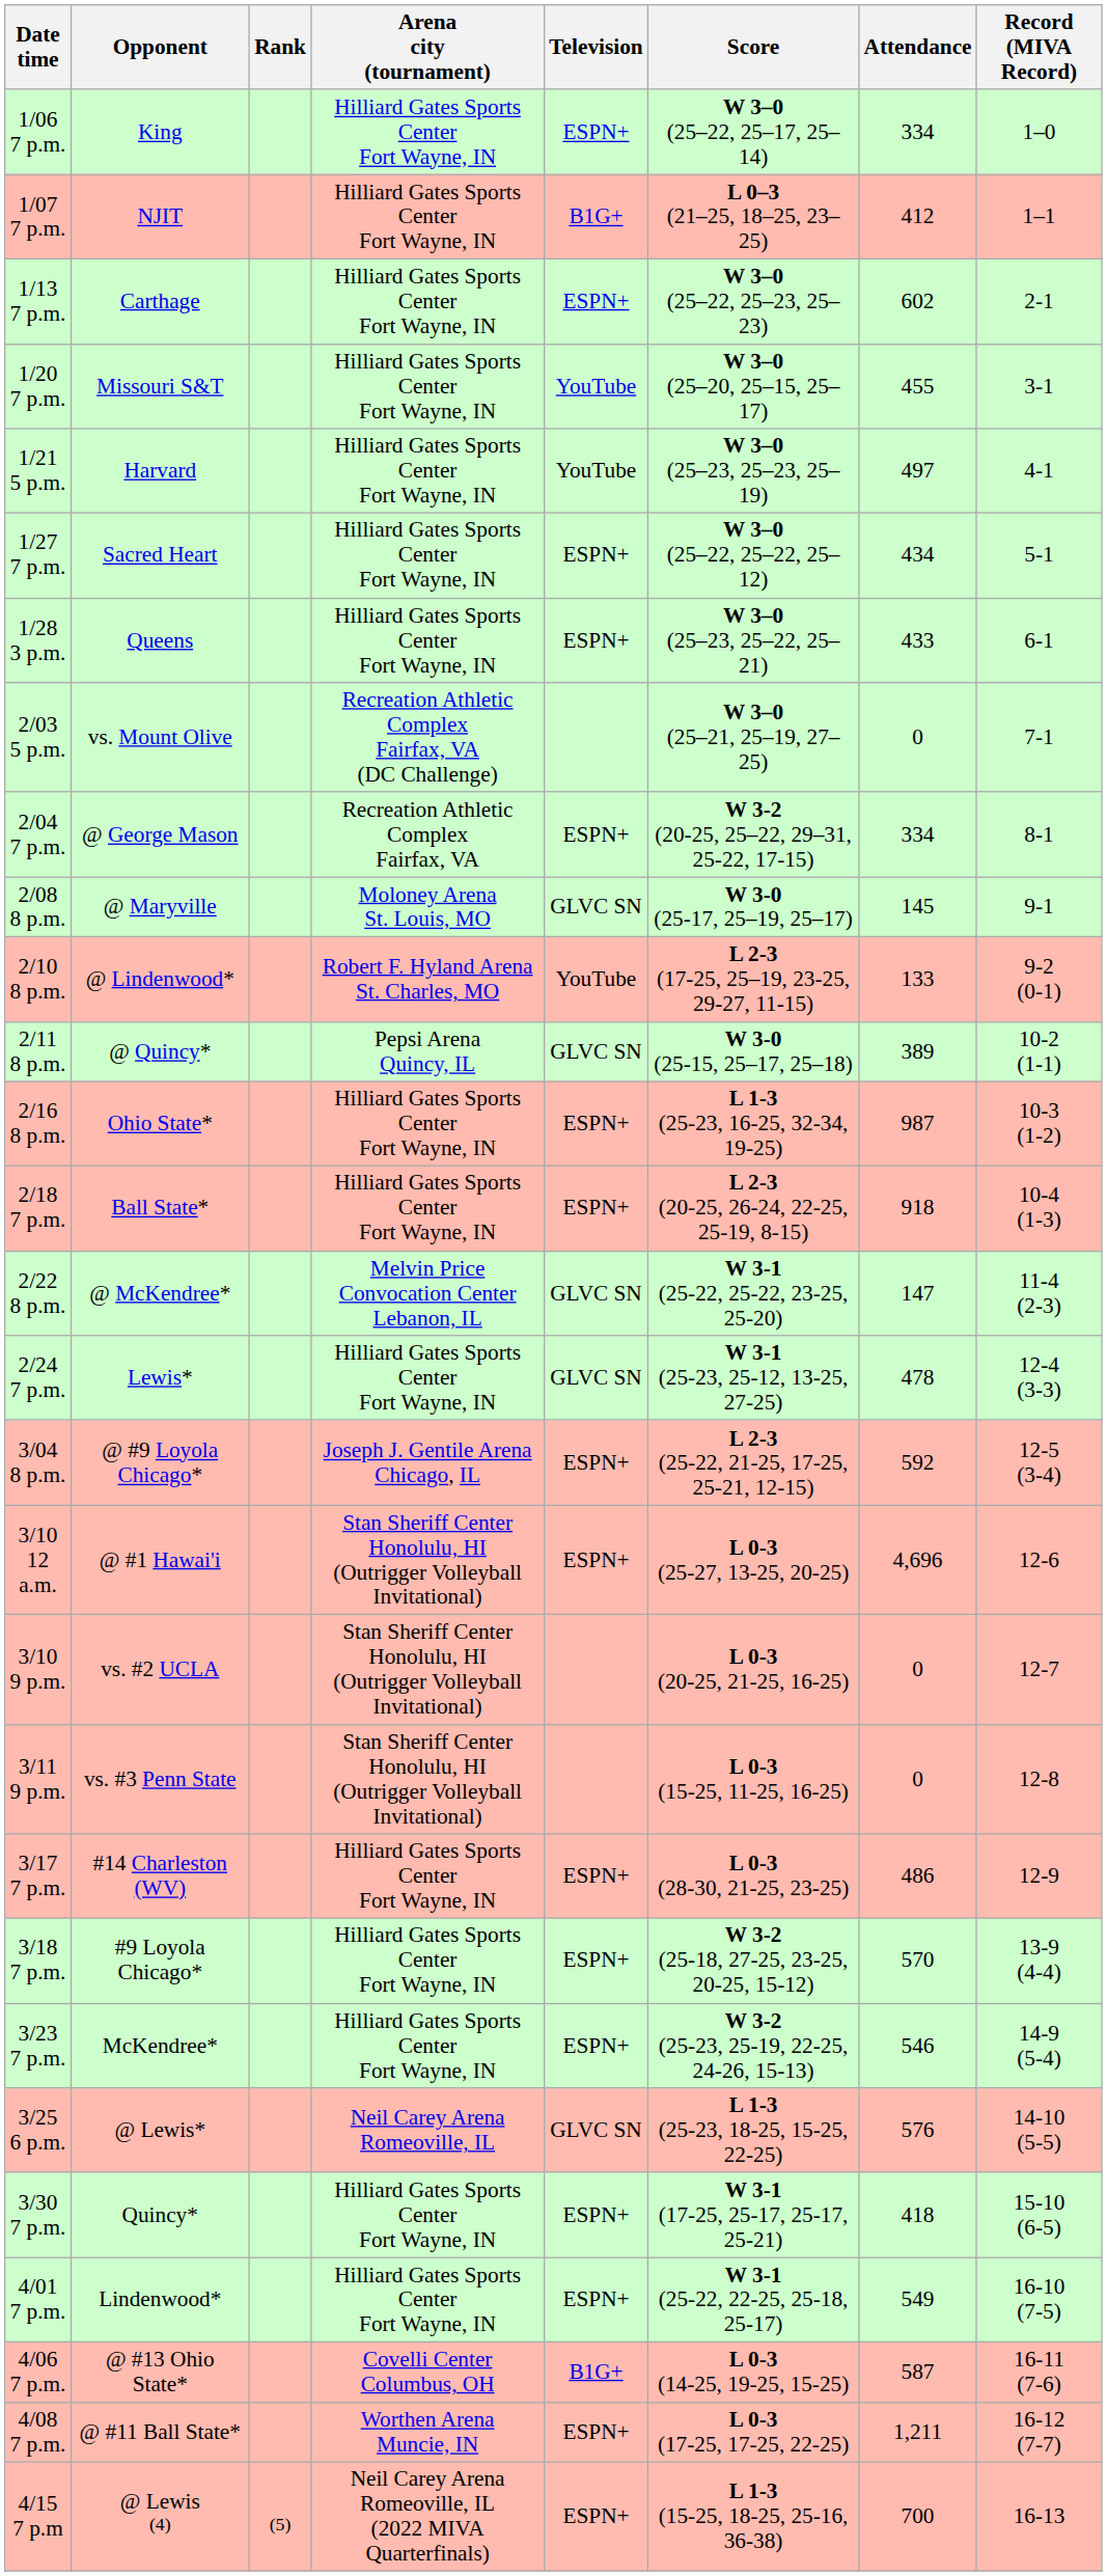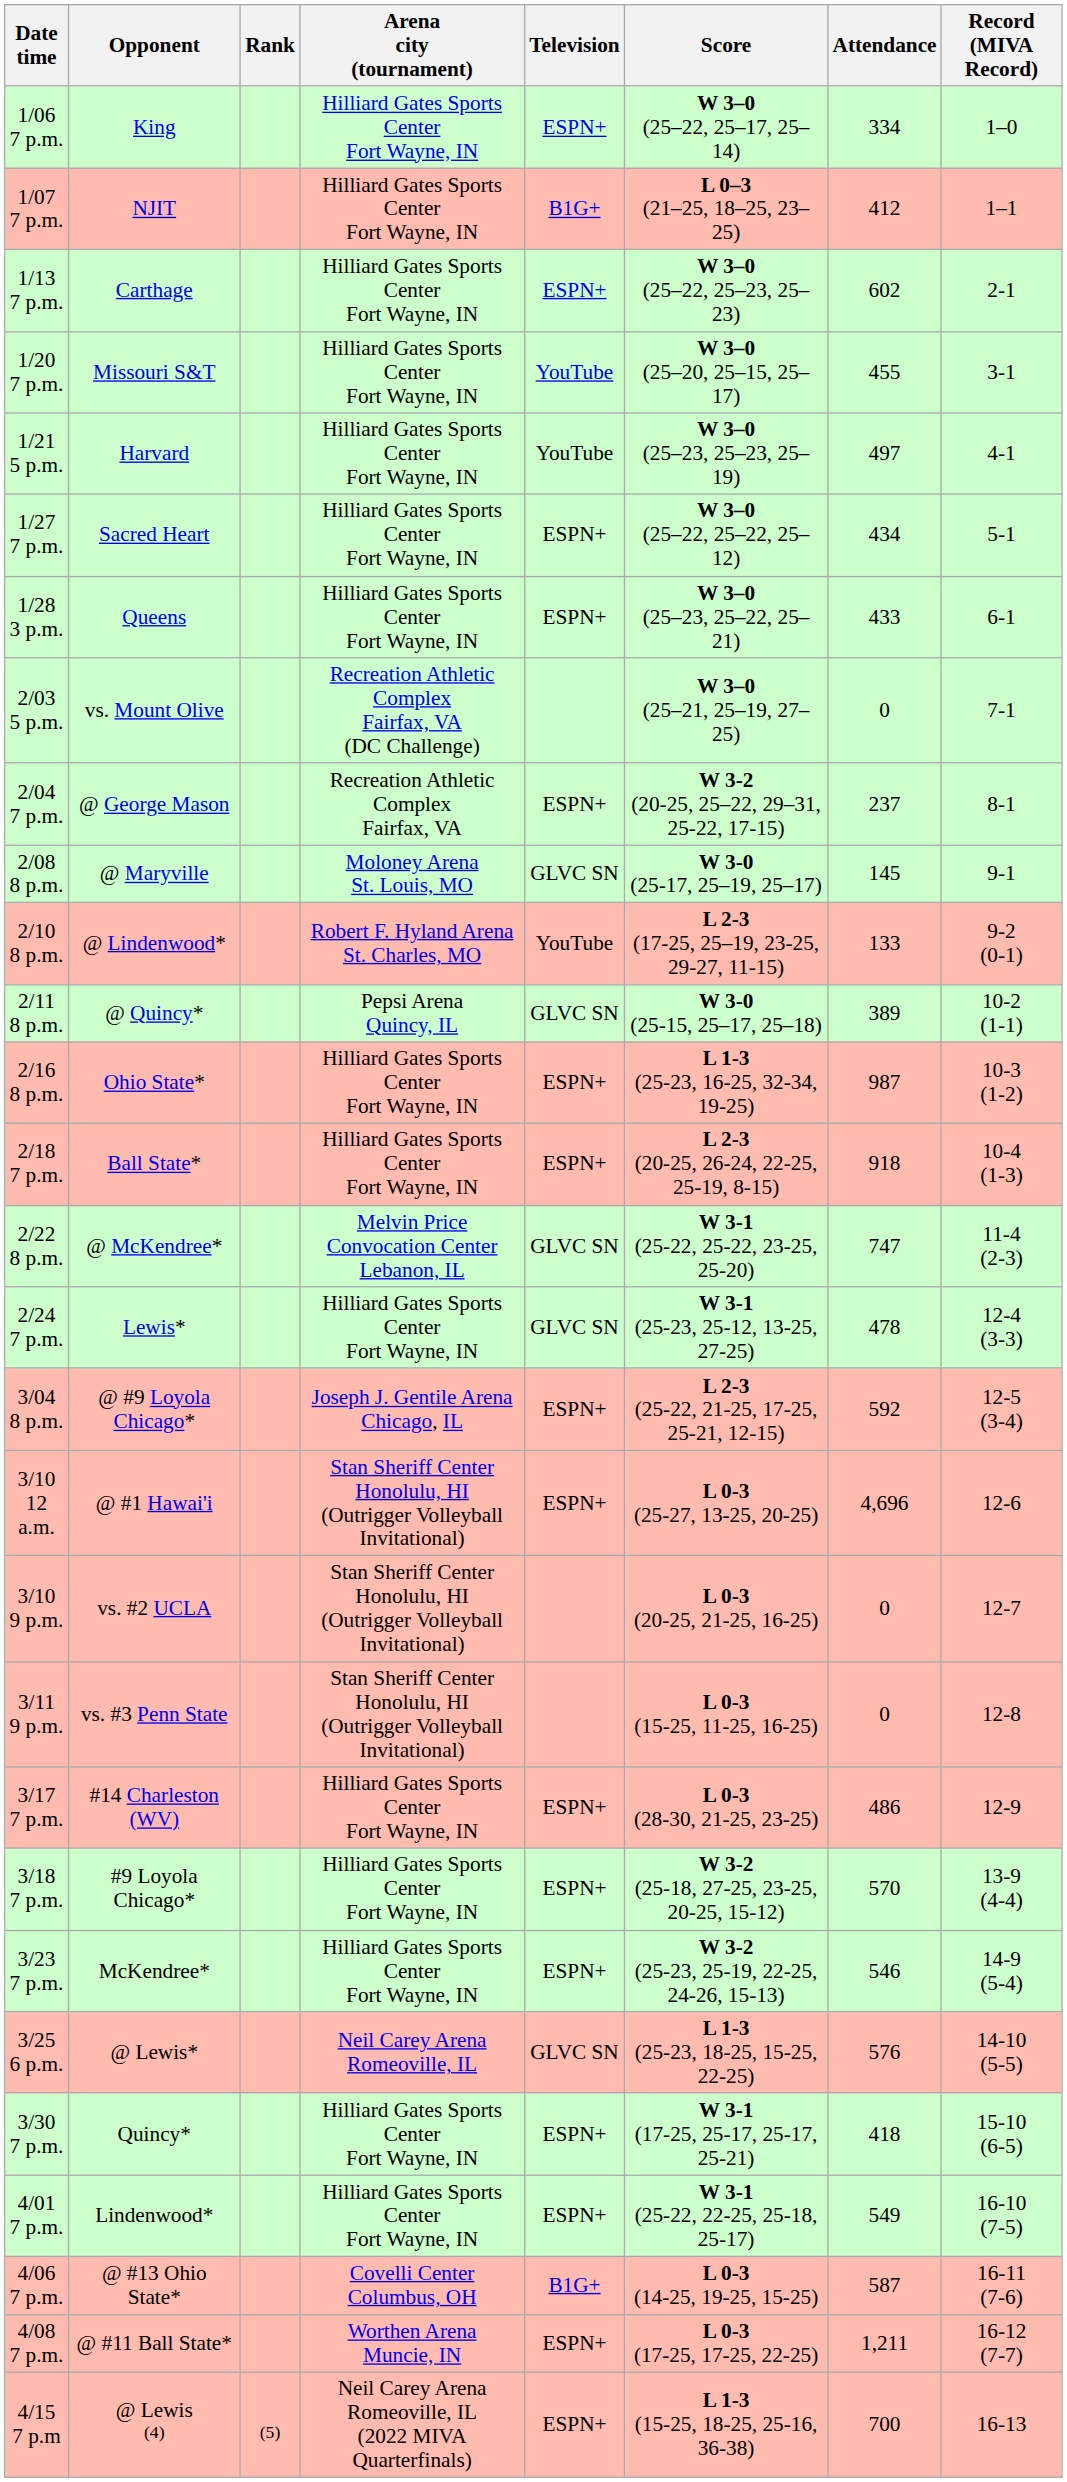 <table class="wikitable sortable" style="width:90%">
 <tr>
 <th>Date<br>time</th>
 <th>Opponent</th>
 <th>Rank</th>
 <th>Arena<br>city<br>(tournament)</th>
 <th>Television</th>
 <th>Score</th>
 <th>Attendance</th>
 <th>Record<br>(MIVA Record)</th>
 </tr>
 <tr align="center" bgcolor="#ccffcc">
 <td>1/06<br>7 p.m.</td>
 <td><a href='#'>King</a></td>
 <td></td>
 <td><a href='#'>Hilliard Gates Sports Center</a><br><a href='#'>Fort Wayne, IN</a></td>
 <td><a href='#'>ESPN+</a></td>
 <td><strong>W 3–0</strong><br>(25–22, 25–17, 25–14)</td>
 <td>334</td>
 <td>1–0</td>
 </tr>
 <tr align="center" bgcolor="#ffbbb">
 <td>1/07<br>7 p.m.</td>
 <td><a href='#'>NJIT</a></td>
 <td></td>
 <td>Hilliard Gates Sports Center<br>Fort Wayne, IN</td>
 <td><a href='#'>B1G+</a></td>
 <td><strong>L 0–3</strong><br>(21–25, 18–25, 23–25)</td>
 <td>412</td>
 <td>1–1</td>
 </tr>
 <tr align="center" bgcolor="#ccffcc">
 <td>1/13<br>7 p.m.</td>
 <td><a href='#'>Carthage</a></td>
 <td></td>
 <td>Hilliard Gates Sports Center<br>Fort Wayne, IN</td>
 <td><a href='#'>ESPN+</a></td>
 <td><strong>W 3–0</strong><br>(25–22, 25–23, 25–23)</td>
 <td>602</td>
 <td>2-1</td>
 </tr>
 <tr align="center" bgcolor="#ccffcc">
 <td>1/20<br>7 p.m.</td>
 <td><a href='#'>Missouri S&T</a></td>
 <td></td>
 <td>Hilliard Gates Sports Center<br>Fort Wayne, IN</td>
 <td><a href='#'>YouTube</a></td>
 <td><strong>W 3–0</strong><br>(25–20, 25–15, 25–17)</td>
 <td>455</td>
 <td>3-1</td>
 </tr>
 <tr align="center" bgcolor="#ccffcc">
 <td>1/21<br>5 p.m.</td>
 <td><a href='#'>Harvard</a></td>
 <td></td>
 <td>Hilliard Gates Sports Center<br>Fort Wayne, IN</td>
 <td>YouTube</td>
 <td><strong>W 3–0</strong><br>(25–23, 25–23, 25–19)</td>
 <td>497</td>
 <td>4-1</td>
 </tr>
 <tr align="center" bgcolor="#ccffcc">
 <td>1/27<br>7 p.m.</td>
 <td><a href='#'>Sacred Heart</a></td>
 <td></td>
 <td>Hilliard Gates Sports Center<br>Fort Wayne, IN</td>
 <td>ESPN+</td>
 <td><strong>W 3–0</strong><br>(25–22, 25–22, 25–12)</td>
 <td>434</td>
 <td>5-1</td>
 </tr>
 <tr align="center" bgcolor="#ccffcc">
 <td>1/28<br>3 p.m.</td>
 <td><a href='#'>Queens</a></td>
 <td></td>
 <td>Hilliard Gates Sports Center<br>Fort Wayne, IN</td>
 <td>ESPN+</td>
 <td><strong>W 3–0</strong><br>(25–23, 25–22, 25–21)</td>
 <td>433</td>
 <td>6-1</td>
 </tr>
 <tr align="center" bgcolor="#ccffcc">
 <td>2/03<br>5 p.m.</td>
 <td>vs. <a href='#'>Mount Olive</a></td>
 <td></td>
 <td><a href='#'>Recreation Athletic Complex</a><br><a href='#'>Fairfax, VA</a><br>(DC Challenge)</td>
 <td></td>
 <td><strong>W 3–0</strong><br>(25–21, 25–19, 27–25)</td>
 <td>0</td>
 <td>7-1</td>
 </tr>
 <tr align="center" bgcolor="#ccffcc">
 <td>2/04<br>7 p.m.</td>
 <td>@ <a href='#'>George Mason</a></td>
 <td></td>
 <td>Recreation Athletic Complex<br>Fairfax, VA</td>
 <td>ESPN+</td>
 <td><strong>W 3-2</strong><br>(20-25, 25–22, 29–31, 25-22, 17-15)</td>
-<td>334</td>
+<td>237</td>
 <td>8-1</td>
 </tr>
 <tr align="center" bgcolor="#ccffcc">
 <td>2/08<br>8 p.m.</td>
 <td>@ <a href='#'>Maryville</a></td>
 <td></td>
 <td><a href='#'>Moloney Arena</a><br><a href='#'>St. Louis, MO</a></td>
 <td>GLVC SN</td>
 <td><strong>W 3-0</strong><br>(25-17, 25–19, 25–17)</td>
 <td>145</td>
 <td>9-1</td>
 </tr>
 <tr align="center" bgcolor="#ffbbb">
 <td>2/10<br>8 p.m.</td>
 <td>@ <a href='#'>Lindenwood</a>*</td>
 <td></td>
 <td><a href='#'>Robert F. Hyland Arena</a><br><a href='#'>St. Charles, MO</a></td>
 <td>YouTube</td>
 <td><strong>L 2-3</strong><br>(17-25, 25–19, 23-25, 29-27, 11-15)</td>
 <td>133</td>
 <td>9-2<br>(0-1)</td>
 </tr>
 <tr align="center" bgcolor="#ccffcc">
 <td>2/11<br>8 p.m.</td>
 <td>@ <a href='#'>Quincy</a>*</td>
 <td></td>
 <td>Pepsi Arena<br><a href='#'>Quincy, IL</a></td>
 <td>GLVC SN</td>
 <td><strong>W 3-0</strong><br>(25-15, 25–17, 25–18)</td>
 <td>389</td>
 <td>10-2<br>(1-1)</td>
 </tr>
 <tr align="center" bgcolor="#ffbbb">
 <td>2/16<br>8 p.m.</td>
 <td><a href='#'>Ohio State</a>*</td>
 <td></td>
 <td>Hilliard Gates Sports Center<br>Fort Wayne, IN</td>
 <td>ESPN+</td>
 <td><strong>L 1-3</strong><br>(25-23, 16-25, 32-34, 19-25)</td>
 <td>987</td>
 <td>10-3<br>(1-2)</td>
 </tr>
 <tr align="center" bgcolor="#ffbbb">
 <td>2/18<br>7 p.m.</td>
 <td><a href='#'>Ball State</a>*</td>
 <td></td>
 <td>Hilliard Gates Sports Center<br>Fort Wayne, IN</td>
 <td>ESPN+</td>
 <td><strong>L 2-3</strong><br>(20-25, 26-24, 22-25, 25-19, 8-15)</td>
 <td>918</td>
 <td>10-4<br>(1-3)</td>
 </tr>
 <tr align="center" bgcolor="#ccffcc">
 <td>2/22<br>8 p.m.</td>
 <td>@ <a href='#'>McKendree</a>*</td>
 <td></td>
 <td><a href='#'>Melvin Price Convocation Center</a><br><a href='#'>Lebanon, IL</a></td>
 <td>GLVC SN</td>
 <td><strong>W 3-1</strong><br>(25-22, 25-22, 23-25, 25-20)</td>
-<td>147</td>
+<td>747</td>
 <td>11-4<br>(2-3)</td>
 </tr>
 <tr align="center" bgcolor="#ccffcc">
 <td>2/24<br>7 p.m.</td>
 <td><a href='#'>Lewis</a>*</td>
 <td></td>
 <td>Hilliard Gates Sports Center<br>Fort Wayne, IN</td>
 <td>GLVC SN</td>
 <td><strong>W 3-1</strong><br>(25-23, 25-12, 13-25, 27-25)</td>
 <td>478</td>
 <td>12-4<br>(3-3)</td>
 </tr>
 <tr align="center" bgcolor="#ffbbb">
 <td>3/04<br>8 p.m.</td>
 <td>@ #9 <a href='#'>Loyola Chicago</a>*</td>
 <td></td>
 <td><a href='#'>Joseph J. Gentile Arena</a><br><a href='#'>Chicago</a>, <a href='#'>IL</a></td>
 <td>ESPN+</td>
 <td><strong>L 2-3</strong><br>(25-22, 21-25, 17-25, 25-21, 12-15)</td>
 <td>592</td>
 <td>12-5<br>(3-4)</td>
 </tr>
 <tr align="center" bgcolor="#ffbbb">
 <td>3/10<br>12 a.m.</td>
 <td>@ #1 <a href='#'>Hawai'i</a></td>
 <td></td>
 <td><a href='#'>Stan Sheriff Center</a><br><a href='#'>Honolulu, HI</a><br>(Outrigger Volleyball Invitational)</td>
 <td>ESPN+</td>
 <td><strong>L 0-3</strong><br>(25-27, 13-25, 20-25)</td>
 <td>4,696</td>
 <td>12-6</td>
 </tr>
 <tr align="center" bgcolor="#ffbbb">
 <td>3/10<br>9 p.m.</td>
 <td>vs. #2 <a href='#'>UCLA</a></td>
 <td></td>
 <td>Stan Sheriff Center<br>Honolulu, HI<br>(Outrigger Volleyball Invitational)</td>
 <td></td>
 <td><strong>L 0-3</strong><br>(20-25, 21-25, 16-25)</td>
 <td>0</td>
 <td>12-7</td>
 </tr>
 <tr align="center" bgcolor="#ffbbb">
 <td>3/11<br>9 p.m.</td>
 <td>vs. #3 <a href='#'>Penn State</a></td>
 <td></td>
 <td>Stan Sheriff Center<br>Honolulu, HI<br>(Outrigger Volleyball Invitational)</td>
 <td></td>
 <td><strong>L 0-3</strong><br>(15-25, 11-25, 16-25)</td>
 <td>0</td>
 <td>12-8</td>
 </tr>
 <tr align="center" bgcolor="#ffbbb">
 <td>3/17<br>7 p.m.</td>
 <td>#14 <a href='#'>Charleston (WV)</a></td>
 <td></td>
 <td>Hilliard Gates Sports Center<br>Fort Wayne, IN</td>
 <td>ESPN+</td>
 <td><strong>L 0-3</strong><br>(28-30, 21-25, 23-25)</td>
 <td>486</td>
 <td>12-9</td>
 </tr>
 <tr align="center" bgcolor="#ccffcc">
 <td>3/18<br>7 p.m.</td>
 <td>#9 Loyola Chicago*</td>
 <td></td>
 <td>Hilliard Gates Sports Center<br>Fort Wayne, IN</td>
 <td>ESPN+</td>
 <td><strong>W 3-2</strong><br>(25-18, 27-25, 23-25, 20-25, 15-12)</td>
 <td>570</td>
 <td>13-9<br>(4-4)</td>
 </tr>
 <tr align="center" bgcolor="#ccffcc">
 <td>3/23<br>7 p.m.</td>
 <td>McKendree*</td>
 <td></td>
 <td>Hilliard Gates Sports Center<br>Fort Wayne, IN</td>
 <td>ESPN+</td>
 <td><strong>W 3-2</strong><br>(25-23, 25-19, 22-25, 24-26, 15-13)</td>
 <td>546</td>
 <td>14-9<br>(5-4)</td>
 </tr>
 <tr align="center" bgcolor="#ffbbb">
 <td>3/25<br>6 p.m.</td>
 <td>@ Lewis*</td>
 <td></td>
 <td><a href='#'>Neil Carey Arena</a><br><a href='#'>Romeoville, IL</a></td>
 <td>GLVC SN</td>
 <td><strong>L 1-3</strong><br>(25-23, 18-25, 15-25, 22-25)</td>
 <td>576</td>
 <td>14-10<br>(5-5)</td>
 </tr>
 <tr align="center" bgcolor="#ccffcc">
 <td>3/30<br>7 p.m.</td>
 <td>Quincy*</td>
 <td></td>
 <td>Hilliard Gates Sports Center<br>Fort Wayne, IN</td>
 <td>ESPN+</td>
 <td><strong>W 3-1</strong><br>(17-25, 25-17, 25-17, 25-21)</td>
 <td>418</td>
 <td>15-10<br>(6-5)</td>
 </tr>
 <tr align="center" bgcolor="#ccffcc">
 <td>4/01<br>7 p.m.</td>
 <td>Lindenwood*</td>
 <td></td>
 <td>Hilliard Gates Sports Center<br>Fort Wayne, IN</td>
 <td>ESPN+</td>
 <td><strong>W 3-1</strong><br>(25-22, 22-25, 25-18, 25-17)</td>
 <td>549</td>
 <td>16-10<br>(7-5)</td>
 </tr>
 <tr align="center" bgcolor="#ffbbb">
 <td>4/06<br>7 p.m.</td>
 <td>@ #13 Ohio State*</td>
 <td></td>
 <td><a href='#'>Covelli Center</a><br><a href='#'>Columbus, OH</a></td>
 <td><a href='#'>B1G+</a></td>
 <td><strong>L 0-3</strong><br>(14-25, 19-25, 15-25)</td>
 <td>587</td>
 <td>16-11<br>(7-6)</td>
 </tr>
 <tr align="center" bgcolor="#ffbbb">
 <td>4/08<br>7 p.m.</td>
 <td>@ #11 Ball State*</td>
 <td></td>
 <td><a href='#'>Worthen Arena</a><br><a href='#'>Muncie, IN</a></td>
 <td>ESPN+</td>
 <td><strong>L 0-3</strong><br>(17-25, 17-25, 22-25)</td>
 <td>1,211</td>
 <td>16-12<br>(7-7)</td>
 </tr>
 <tr align="center" bgcolor="#ffbbb">
 <td>4/15<br>7 p.m</td>
 <td>@ Lewis <br> <sup>(4)</sup></td>
 <td><br> <sup>(5)</sup></td>
 <td>Neil Carey Arena<br>Romeoville, IL<br>(2022 MIVA Quarterfinals)</td>
 <td>ESPN+</td>
 <td><strong>L 1-3</strong> <br> (15-25, 18-25, 25-16, 36-38)</td>
 <td>700</td>
 <td>16-13</td>
 </tr>
 </table>
